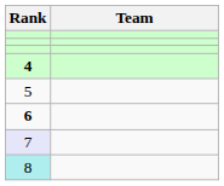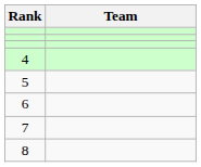 <table class=wikitable style="text-align:center;">
 <tr>
 <th>Rank</th>
 <th width=160>Team</th>
 </tr>
 <tr bgcolor=#CCFFCC>
 <td></td>
 <td align=left></td>
 </tr>
 <tr bgcolor=ccffcc>
 <td></td>
 <td align=left></td>
 </tr>
 <tr bgcolor=ccffcc>
 <td></td>
 <td align=left></td>
 </tr>
 <tr bgcolor=ccffcc>
-<td><strong>4</strong></td>
+<td>4</td>
 <td align=left></td>
 </tr>
 <tr>
 <td>5</td>
 <td align=left></td>
 </tr>
 <tr>
-<td><strong>6</strong></td>
+<td>6</td>
 <td align=left></td>
 </tr>
 <tr>
-<td style="background: lavender;">7</td>
+<td>7</td>
 <td align=left></td>
 </tr>
 <tr>
-<td style="background: paleturquoise;">8</td>
+<td>8</td>
 <td align=left></td>
 </tr>
 </table>
